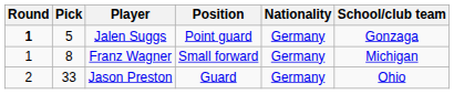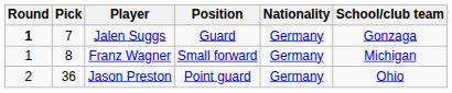 <table class="wikitable sortable sortable">
 <tr>
 <th>Round</th>
 <th>Pick</th>
 <th>Player</th>
 <th>Position</th>
 <th>Nationality</th>
 <th>School/club team</th>
 </tr>
 <tr style="text-align: center">
 <td><strong>1</strong></td>
-<td>5</td>
+<td>7</td>
 <td><a href='#'>Jalen Suggs</a></td>
-<td><a href='#'>Point guard</a></td>
+<td><a href='#'>Guard</a></td>
 <td> <a href='#'>Germany</a></td>
 <td><a href='#'>Gonzaga</a> </td>
 </tr>
 <tr style="text-align: center">
 <td>1</td>
 <td>8</td>
 <td><a href='#'>Franz Wagner</a></td>
 <td><a href='#'>Small forward</a></td>
 <td> <a href='#'>Germany</a></td>
 <td><a href='#'>Michigan</a> </td>
 </tr>
 <tr style="text-align: center">
 <td>2</td>
-<td>33</td>
+<td>36</td>
 <td><a href='#'>Jason Preston</a></td>
-<td><a href='#'>Guard</a></td>
+<td><a href='#'>Point guard</a></td>
 <td> <a href='#'>Germany</a></td>
 <td><a href='#'>Ohio</a> </td>
 </tr>
 </table>
